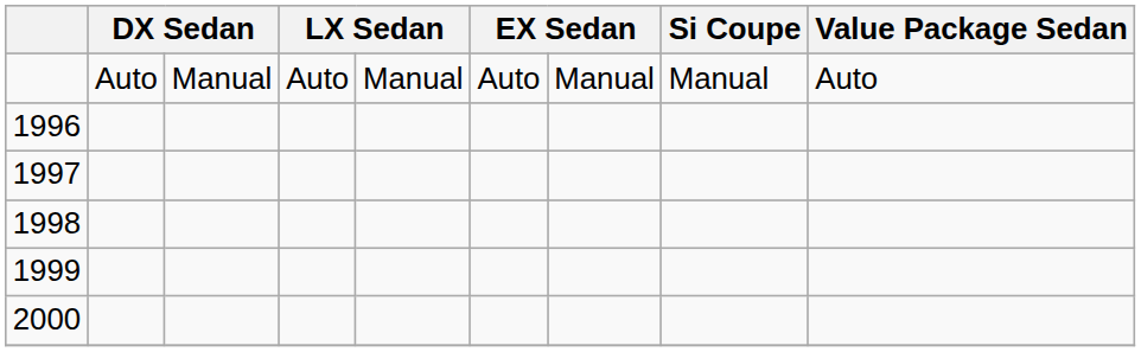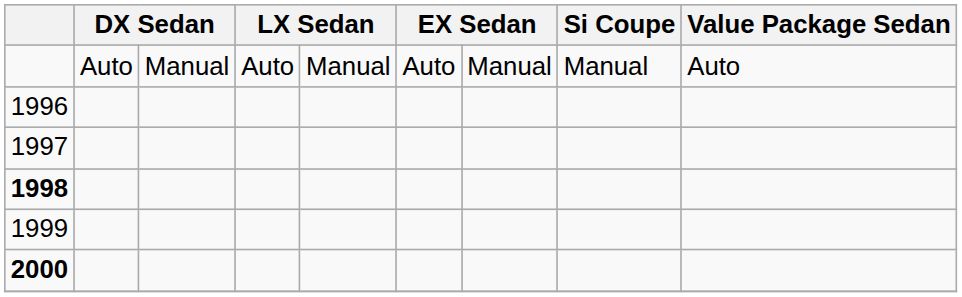 <table class="wikitable" border="1">
 <tr>
 <th></th>
 <th colspan=2>DX Sedan</th>
 <th colspan=2>LX Sedan</th>
 <th colspan=2>EX Sedan</th>
 <th>Si Coupe</th>
 <th>Value Package Sedan</th>
 </tr>
 <tr>
 <td></td>
 <td>Auto</td>
 <td>Manual</td>
 <td>Auto</td>
 <td>Manual</td>
 <td>Auto</td>
 <td>Manual</td>
 <td>Manual</td>
 <td>Auto</td>
 </tr>
 <tr>
 <td>1996</td>
 <td></td>
 <td></td>
 <td></td>
 <td></td>
 <td></td>
 <td></td>
 <td></td>
 <td></td>
 </tr>
 <tr>
 <td>1997</td>
 <td></td>
 <td></td>
 <td></td>
 <td></td>
 <td></td>
 <td></td>
 <td></td>
 <td></td>
 </tr>
 <tr>
-<td>1998</td>
+<td><strong>1998</strong></td>
 <td></td>
 <td></td>
 <td></td>
 <td></td>
 <td></td>
 <td></td>
 <td></td>
 <td></td>
 </tr>
 <tr>
 <td>1999</td>
 <td></td>
 <td></td>
 <td></td>
 <td></td>
 <td></td>
 <td></td>
 <td></td>
 <td></td>
 </tr>
 <tr>
-<td>2000</td>
+<td><strong>2000</strong></td>
 <td></td>
 <td></td>
 <td></td>
 <td></td>
 <td></td>
 <td></td>
 <td></td>
 <td></td>
 </tr>
 <tr>
 </tr>
 </table>
